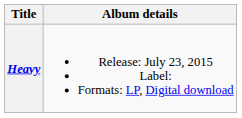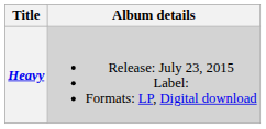 <table class="wikitable plainrowheaders" style="text-align:center;">
 <tr>
 <th scope="col">Title</th>
 <th scope="col">Album details</th>
 </tr>
 <tr>
 <th scope="row"><em><a href='#'>Heavy</a></em></th>
-<td><br><ul><li>Release: July 23, 2015</li><li>Label: </li><li>Formats:  <a href='#'>LP</a>, <a href='#'>Digital download</a></li></ul></td>
+<td style="background: lightgrey;"><br><ul><li>Release: July 23, 2015</li><li>Label: </li><li>Formats:  <a href='#'>LP</a>, <a href='#'>Digital download</a></li></ul></td>
 </tr>
 </table>
